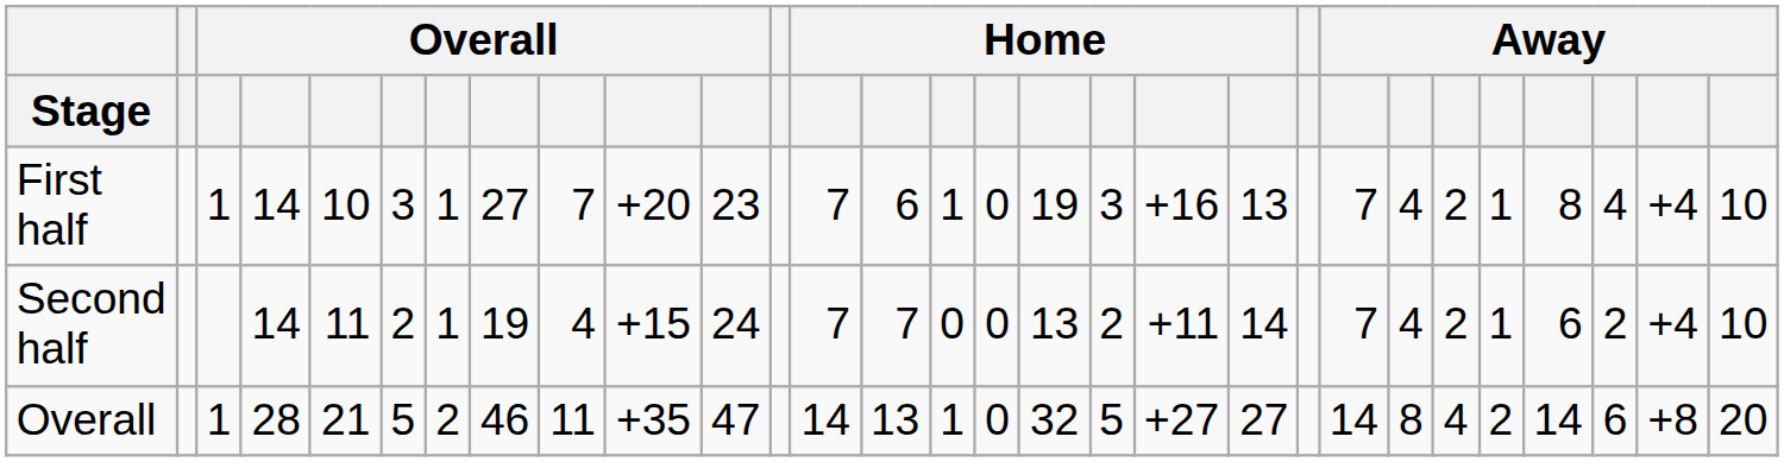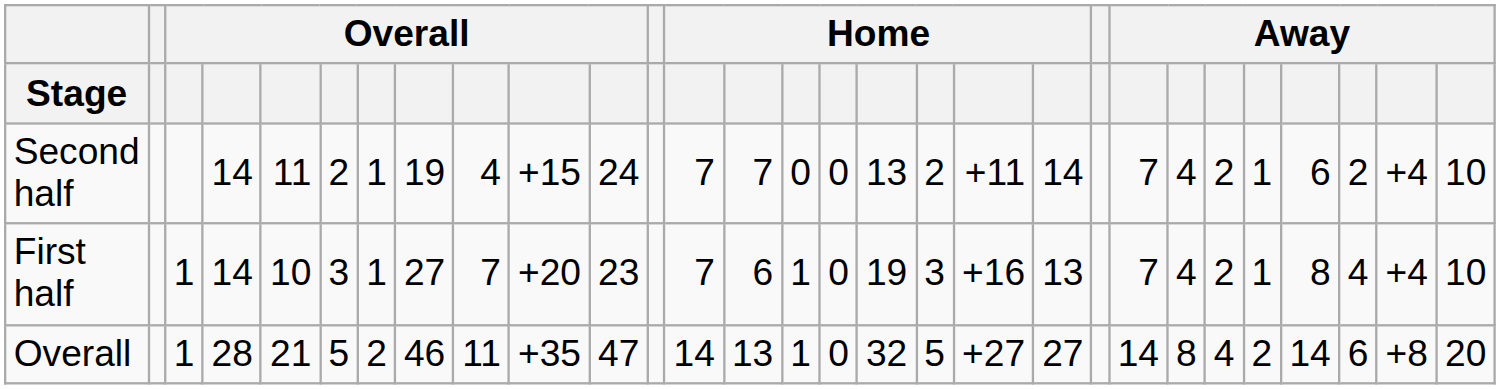 <table class="wikitable" style="text-align: right;">
 <tr>
 <th rawspan=2></th>
 <th rawspan=2></th>
 <th colspan=9>Overall</th>
 <th rawspan=1></th>
 <th colspan=8>Home</th>
 <th rawspan=1></th>
 <th colspan=8>Away</th>
 </tr>
 <tr>
 <th>Stage</th>
 <th></th>
 <th></th>
 <th></th>
 <th></th>
 <th></th>
 <th></th>
 <th></th>
 <th></th>
 <th></th>
 <th></th>
 <th></th>
 <th></th>
 <th></th>
 <th></th>
 <th></th>
 <th></th>
 <th></th>
 <th></th>
 <th></th>
 <th></th>
 <th></th>
 <th></th>
 <th></th>
 <th></th>
 <th></th>
 <th></th>
 <th></th>
 <th></th>
 </tr>
 <tr>
+<td align="left">Second half</td>
+<td></td>
+<td></td>
+<td>14</td>
+<td>11</td>
+<td>2</td>
+<td>1</td>
+<td>19</td>
+<td>4</td>
+<td>+15</td>
+<td>24</td>
+<td></td>
+<td>7</td>
+<td>7</td>
+<td>0</td>
+<td>0</td>
+<td>13</td>
+<td>2</td>
+<td>+11</td>
+<td>14</td>
+<td></td>
+<td>7</td>
+<td>4</td>
+<td>2</td>
+<td>1</td>
+<td>6</td>
+<td>2</td>
+<td>+4</td>
+<td>10</td>
+</tr>
+<tr>
 <td align="left">First half</td>
 <td></td>
 <td>1</td>
 <td>14</td>
 <td>10</td>
 <td>3</td>
 <td>1</td>
 <td>27</td>
 <td>7</td>
 <td>+20</td>
 <td>23</td>
 <td></td>
 <td>7</td>
 <td>6</td>
 <td>1</td>
 <td>0</td>
 <td>19</td>
 <td>3</td>
 <td>+16</td>
 <td>13</td>
 <td></td>
 <td>7</td>
 <td>4</td>
 <td>2</td>
 <td>1</td>
 <td>8</td>
 <td>4</td>
-<td>+4</td>
-<td>10</td>
-</tr>
-<tr>
-<td align="left">Second half</td>
-<td></td>
-<td></td>
-<td>14</td>
-<td>11</td>
-<td>2</td>
-<td>1</td>
-<td>19</td>
-<td>4</td>
-<td>+15</td>
-<td>24</td>
-<td></td>
-<td>7</td>
-<td>7</td>
-<td>0</td>
-<td>0</td>
-<td>13</td>
-<td>2</td>
-<td>+11</td>
-<td>14</td>
-<td></td>
-<td>7</td>
-<td>4</td>
-<td>2</td>
-<td>1</td>
-<td>6</td>
-<td>2</td>
 <td>+4</td>
 <td>10</td>
 </tr>
 <tr>
 <td align="left">Overall</td>
 <td></td>
 <td>1</td>
 <td>28</td>
 <td>21</td>
 <td>5</td>
 <td>2</td>
 <td>46</td>
 <td>11</td>
 <td>+35</td>
 <td>47</td>
 <td></td>
 <td>14</td>
 <td>13</td>
 <td>1</td>
 <td>0</td>
 <td>32</td>
 <td>5</td>
 <td>+27</td>
 <td>27</td>
 <td></td>
 <td>14</td>
 <td>8</td>
 <td>4</td>
 <td>2</td>
 <td>14</td>
 <td>6</td>
 <td>+8</td>
 <td>20</td>
 </tr>
 </table>
